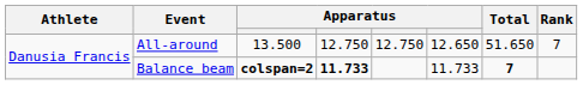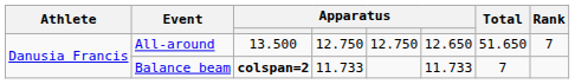 <table class="wikitable" style="font-size:90%">
 <tr>
 <th rowspan=2>Athlete</th>
 <th rowspan=2>Event</th>
 <th colspan=4>Apparatus</th>
 <th rowspan=2>Total</th>
 <th rowspan=2>Rank</th>
 </tr>
 <tr style="font-size:95%">
 <th></th>
 <th></th>
 <th></th>
 <th></th>
 </tr>
 <tr align=center>
 <td align=left rowspan=2><a href='#'>Danusia Francis</a></td>
 <td align=left><a href='#'>All-around</a></td>
 <td>13.500</td>
 <td>12.750</td>
 <td>12.750</td>
 <td>12.650</td>
 <td>51.650</td>
 <td>7</td>
 </tr>
 <tr align=center>
 <td align=left><a href='#'>Balance beam</a></td>
 <td><strong>colspan=2 </strong></td>
-<td><strong>11.733</strong></td>
+<td>11.733</td>
 <td></td>
 <td>11.733</td>
-<td><strong>7</strong></td>
+<td>7</td>
 </tr>
 </table>
